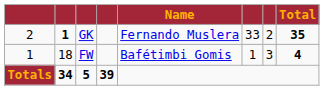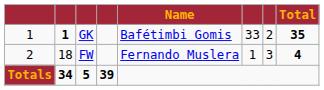 <table class="wikitable" style="text-align:center">
 <tr>
 <th style="background:#A32638; color:#FFB300; "></th>
 <th style="background:#A32638; color:#FFB300; "></th>
 <th style="background:#A32638; color:#FFB300; "></th>
 <th style="background:#A32638; color:#FFB300; "></th>
 <th style="background:#A32638; color:#FFB300; ">Name</th>
 <th style="background:#A32638; color:#FFB300; "></th>
 <th style="background:#A32638; color:#FFB300; "></th>
 <th style="background:#A32638; color:#FFB300; ">Total</th>
 </tr>
 <tr>
-<td rowspan="1">2</td>
+<td rowspan="1">1</td>
 <td><strong>1</strong></td>
 <td><a href='#'>GK</a></td>
 <td></td>
-<td align=left><a href='#'>Fernando Muslera</a></td>
+<td align=left><a href='#'>Bafétimbi Gomis</a></td>
 <td>33</td>
 <td>2</td>
 <td><strong>35</strong></td>
 </tr>
 <tr>
-<td rowspan="1">1</td>
+<td rowspan="1">2</td>
 <td>18</td>
 <td><a href='#'>FW</a></td>
 <td></td>
-<td align=left><a href='#'>Bafétimbi Gomis</a></td>
+<td align=left><a href='#'>Fernando Muslera</a></td>
 <td>1</td>
 <td>3</td>
 <td><strong>4</strong></td>
 </tr>
 <tr>
 <td style="background:#A32638; color:#FFB300; "><strong>Totals</strong></td>
 <td><strong>34</strong></td>
 <td><strong>5</strong></td>
 <td><strong>39</strong></td>
 </tr>
 </table>
